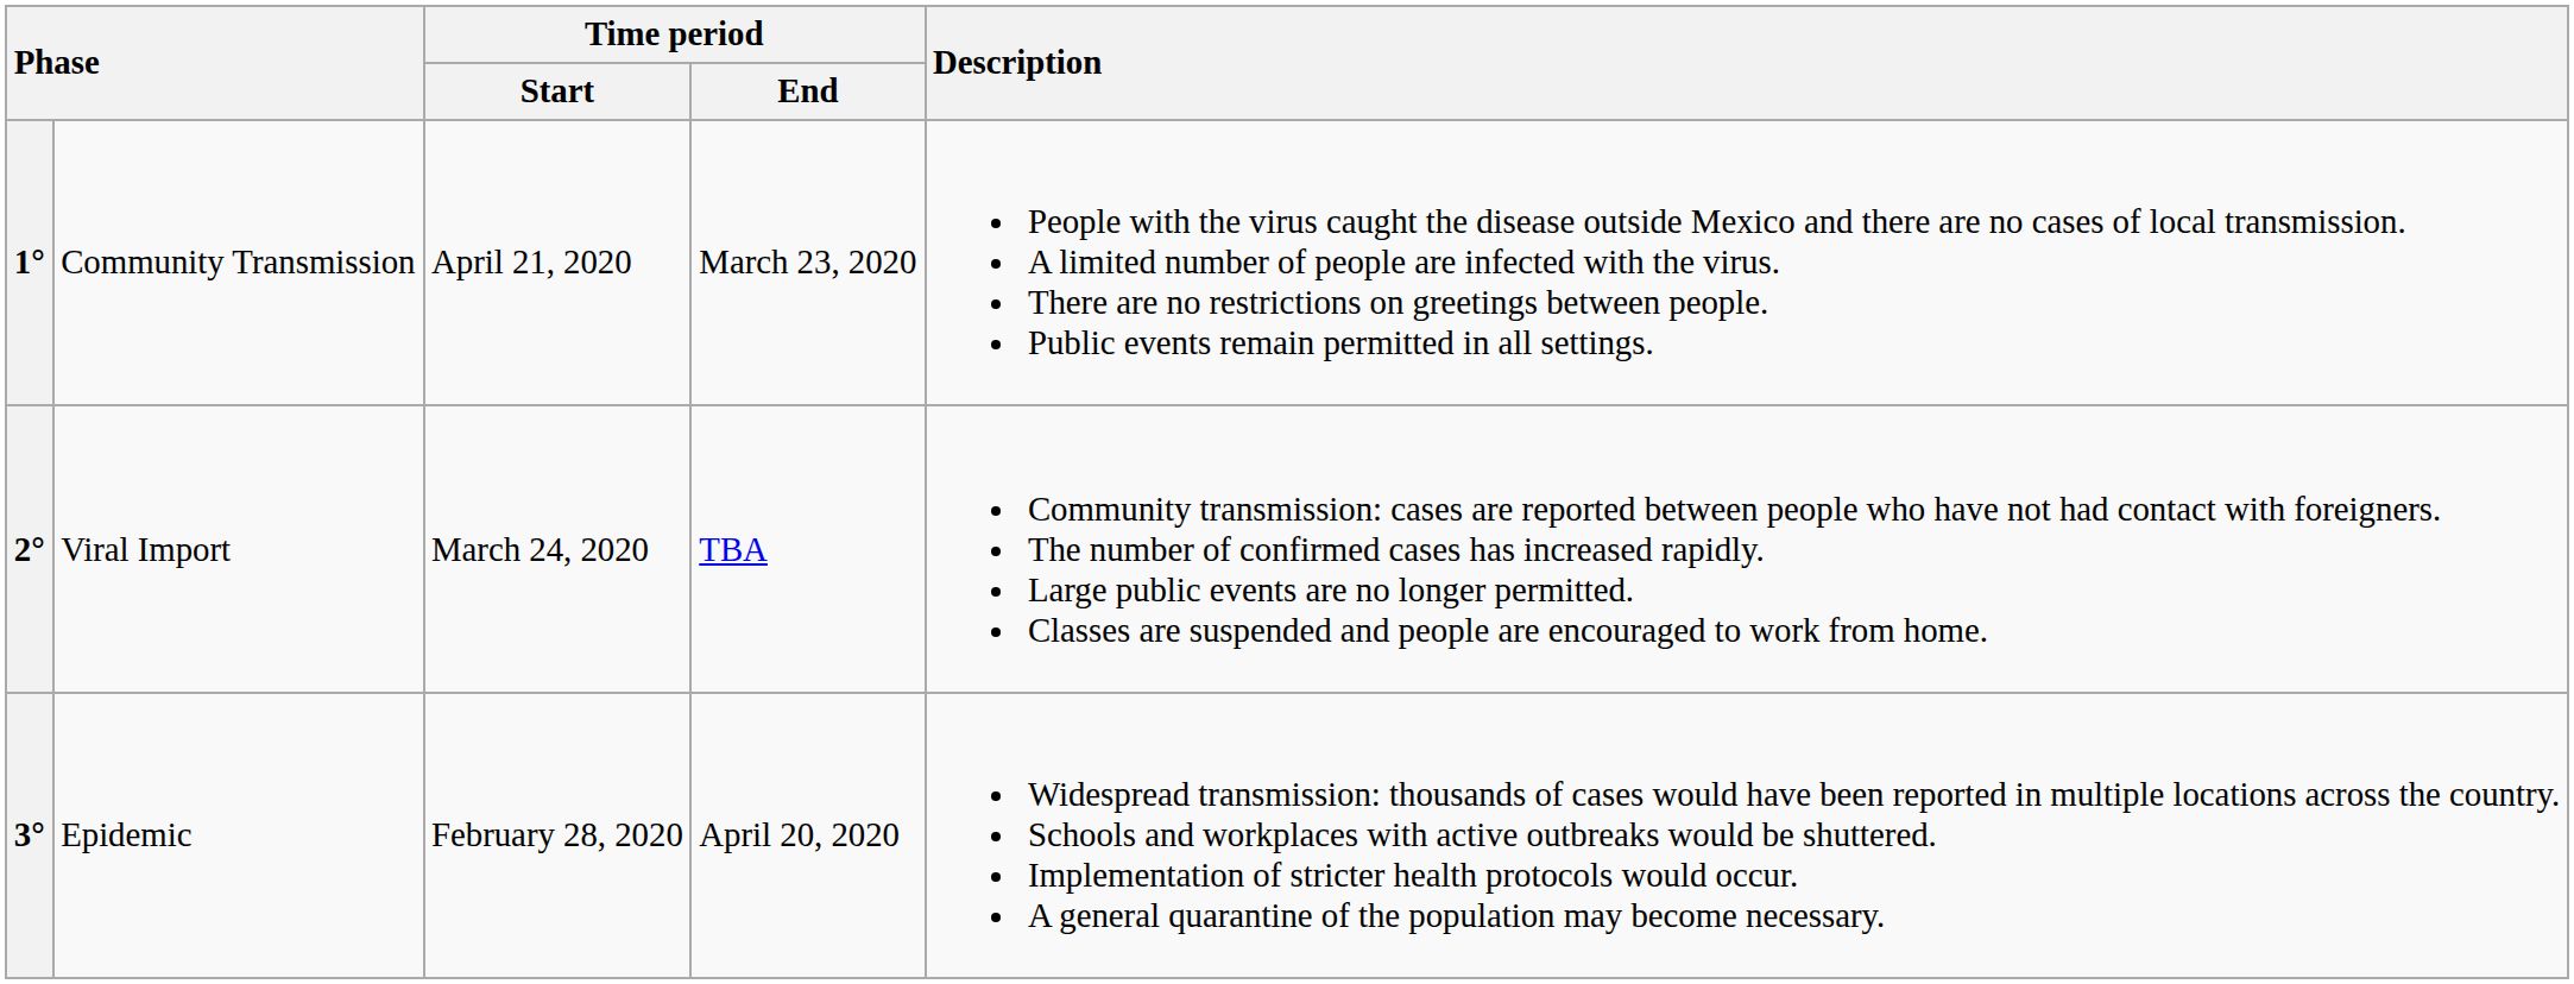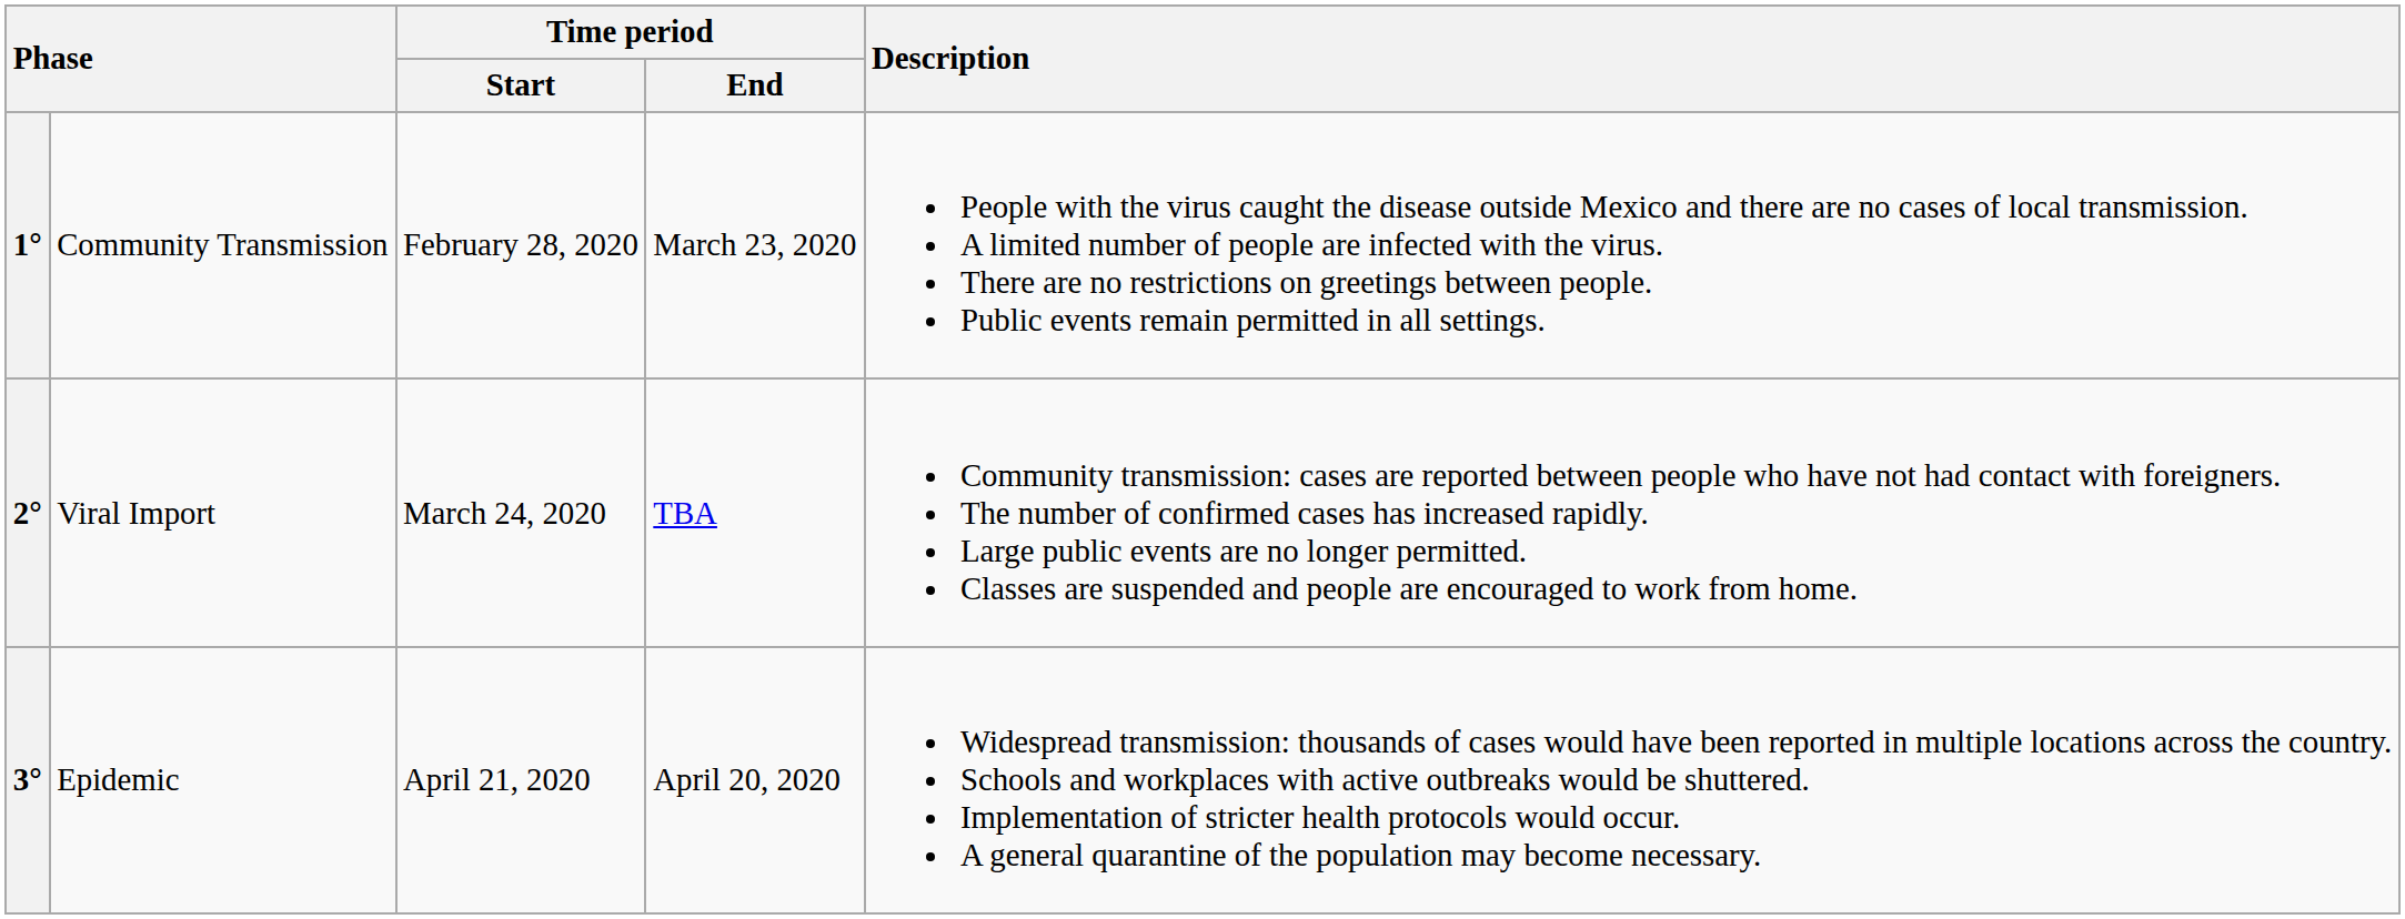 <table class="wikitable sortable" style="display: inline-table; font-size:90%; text-align:right;">
 <tr>
 <th colspan ="2" rowspan="2" style="text-align:left;">Phase</th>
 <th colspan="2" style="text-align:center;">Time period</th>
 <th rowspan="2" style="text-align:left;">Description</th>
 </tr>
 <tr>
 <th style="text-align:center;">Start</th>
 <th style="text-align:center;">End</th>
 </tr>
 <tr>
 <th>1°</th>
 <td style="text-align:left">Community Transmission</td>
-<td style="text-align:left">April 21, 2020</td>
+<td style="text-align:left">February 28, 2020</td>
 <td style="text-align:left">March 23, 2020</td>
 <td style="text-align:left"><br><ul><li>People with the virus caught the disease outside Mexico and there are no cases of local transmission.</li><li>A limited number of people are infected with the virus.</li><li>There are no restrictions on greetings between people.</li><li>Public events remain permitted in all settings.</li></ul></td>
 </tr>
 <tr>
 <th>2°</th>
 <td style="text-align:left">Viral Import</td>
 <td style="text-align:left">March 24, 2020</td>
 <td style="text-align:left"><a href='#'>TBA</a></td>
 <td style="text-align:left"><br><ul><li>Community transmission: cases are reported between people who have not had contact with foreigners.</li><li>The number of confirmed cases has increased rapidly.</li><li>Large public events are no longer permitted.</li><li>Classes are suspended and people are encouraged to work from home.</li></ul></td>
 </tr>
 <tr>
 <th>3°</th>
 <td style="text-align:left">Epidemic</td>
-<td style="text-align:left">February 28, 2020</td>
+<td style="text-align:left">April 21, 2020</td>
 <td style="text-align:left">April 20, 2020</td>
 <td style="text-align:left"><br><ul><li>Widespread transmission: thousands of cases would have been reported in multiple locations across the country.</li><li>Schools and workplaces with active outbreaks would be shuttered.</li><li>Implementation of stricter health protocols would occur.</li><li>A general quarantine of the population may become necessary.</li></ul></td>
 </tr>
 </table>
